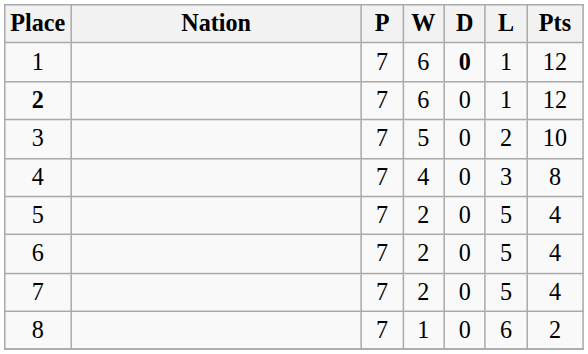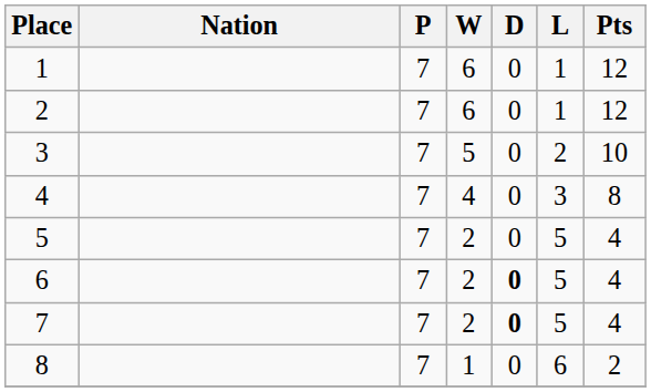 <table class=wikitable style=text-align:center>
 <tr>
 <th width=35>Place</th>
 <th width=185>Nation</th>
 <th width=20>P</th>
 <th width=20>W</th>
 <th width=20>D</th>
 <th width=20>L</th>
 <th width=30>Pts</th>
 </tr>
 <tr>
 <td>1</td>
 <td style=text-align:left></td>
 <td>7</td>
 <td>6</td>
-<td><strong>0</strong></td>
+<td>0</td>
 <td>1</td>
 <td>12</td>
 </tr>
 <tr>
-<td><strong>2</strong></td>
+<td>2</td>
 <td style=text-align:left></td>
 <td>7</td>
 <td>6</td>
 <td>0</td>
 <td>1</td>
 <td>12</td>
 </tr>
 <tr>
 <td>3</td>
 <td style=text-align:left></td>
 <td>7</td>
 <td>5</td>
 <td>0</td>
 <td>2</td>
 <td>10</td>
 </tr>
 <tr>
 <td>4</td>
 <td style=text-align:left></td>
 <td>7</td>
 <td>4</td>
 <td>0</td>
 <td>3</td>
 <td>8</td>
 </tr>
 <tr>
 <td>5</td>
 <td style=text-align:left></td>
 <td>7</td>
 <td>2</td>
 <td>0</td>
 <td>5</td>
 <td>4</td>
 </tr>
 <tr>
 <td>6</td>
 <td style=text-align:left></td>
 <td>7</td>
 <td>2</td>
-<td>0</td>
+<td><strong>0</strong></td>
 <td>5</td>
 <td>4</td>
 </tr>
 <tr>
 <td>7</td>
 <td style=text-align:left></td>
 <td>7</td>
 <td>2</td>
-<td>0</td>
+<td><strong>0</strong></td>
 <td>5</td>
 <td>4</td>
 </tr>
 <tr>
 <td>8</td>
 <td style=text-align:left></td>
 <td>7</td>
 <td>1</td>
 <td>0</td>
 <td>6</td>
 <td>2</td>
 </tr>
 <tr>
 </tr>
 </table>
